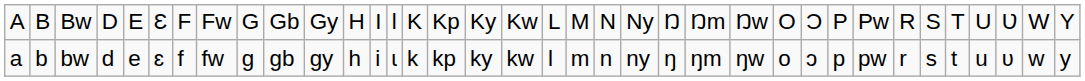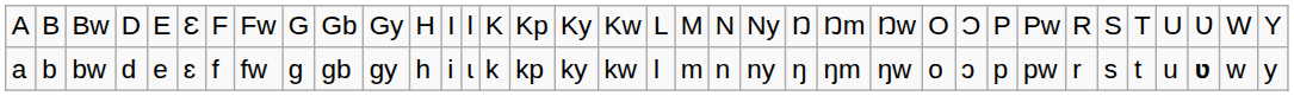 <table class="wikitable">
 <tr>
 <td>A</td>
 <td>B</td>
 <td>Bw</td>
 <td>D</td>
 <td>E</td>
 <td>Ɛ</td>
 <td>F</td>
 <td>Fw</td>
 <td>G</td>
 <td>Gb</td>
 <td>Gy</td>
 <td>H</td>
 <td>I</td>
 <td>Ɩ</td>
 <td>K</td>
 <td>Kp</td>
 <td>Ky</td>
 <td>Kw</td>
 <td>L</td>
 <td>M</td>
 <td>N</td>
 <td>Ny</td>
 <td>Ŋ</td>
 <td>Ŋm</td>
 <td>Ŋw</td>
 <td>O</td>
 <td>Ɔ</td>
 <td>P</td>
 <td>Pw</td>
 <td>R</td>
 <td>S</td>
 <td>T</td>
 <td>U</td>
 <td>Ʋ</td>
 <td>W</td>
 <td>Y</td>
 </tr>
 <tr>
 <td>a</td>
 <td>b</td>
 <td>bw</td>
 <td>d</td>
 <td>e</td>
 <td>ɛ</td>
 <td>f</td>
 <td>fw</td>
 <td>g</td>
 <td>gb</td>
 <td>gy</td>
 <td>h</td>
 <td>i</td>
 <td>ɩ</td>
 <td>k</td>
 <td>kp</td>
 <td>ky</td>
 <td>kw</td>
 <td>l</td>
 <td>m</td>
 <td>n</td>
 <td>ny</td>
 <td>ŋ</td>
 <td>ŋm</td>
 <td>ŋw</td>
 <td>o</td>
 <td>ɔ</td>
 <td>p</td>
 <td>pw</td>
 <td>r</td>
 <td>s</td>
 <td>t</td>
 <td>u</td>
-<td>ʋ</td>
+<td><strong>ʋ</strong></td>
 <td>w</td>
 <td>y</td>
 </tr>
 </table>
